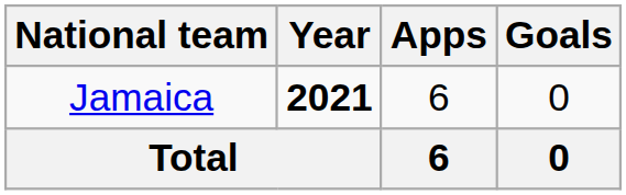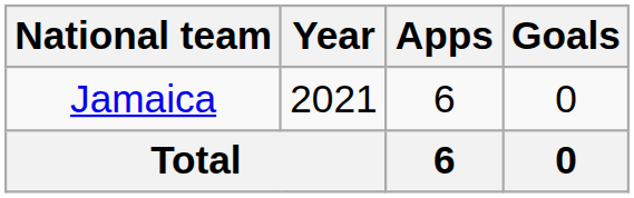 <table class="wikitable" style="text-align: center;">
 <tr>
 <th>National team</th>
 <th>Year</th>
 <th>Apps</th>
 <th>Goals</th>
 </tr>
 <tr>
 <td rowspan="1"><a href='#'>Jamaica</a></td>
-<td><strong>2021</strong></td>
+<td>2021</td>
 <td>6</td>
 <td>0</td>
 </tr>
 <tr>
 <th colspan=2>Total</th>
 <th>6</th>
 <th>0</th>
 </tr>
 </table>
